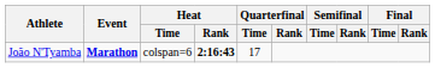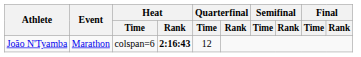 <table class=wikitable style=font-size:90%;text-align:center>
 <tr>
 <th rowspan=2>Athlete</th>
 <th rowspan=2>Event</th>
 <th colspan=2>Heat</th>
 <th colspan=2>Quarterfinal</th>
 <th colspan=2>Semifinal</th>
 <th colspan=2>Final</th>
 </tr>
 <tr style=font-size:95%>
 <th>Time</th>
 <th>Rank</th>
 <th>Time</th>
 <th>Rank</th>
 <th>Time</th>
 <th>Rank</th>
 <th>Time</th>
 <th>Rank</th>
 </tr>
 <tr>
 <td align=left><a href='#'>João N'Tyamba</a></td>
-<td align=left><strong><a href='#'>Marathon</a></strong></td>
+<td align=left><a href='#'>Marathon</a></td>
 <td>colspan=6 </td>
 <td><strong>2:16:43</strong></td>
-<td>17</td>
+<td>12</td>
 </tr>
 </table>
